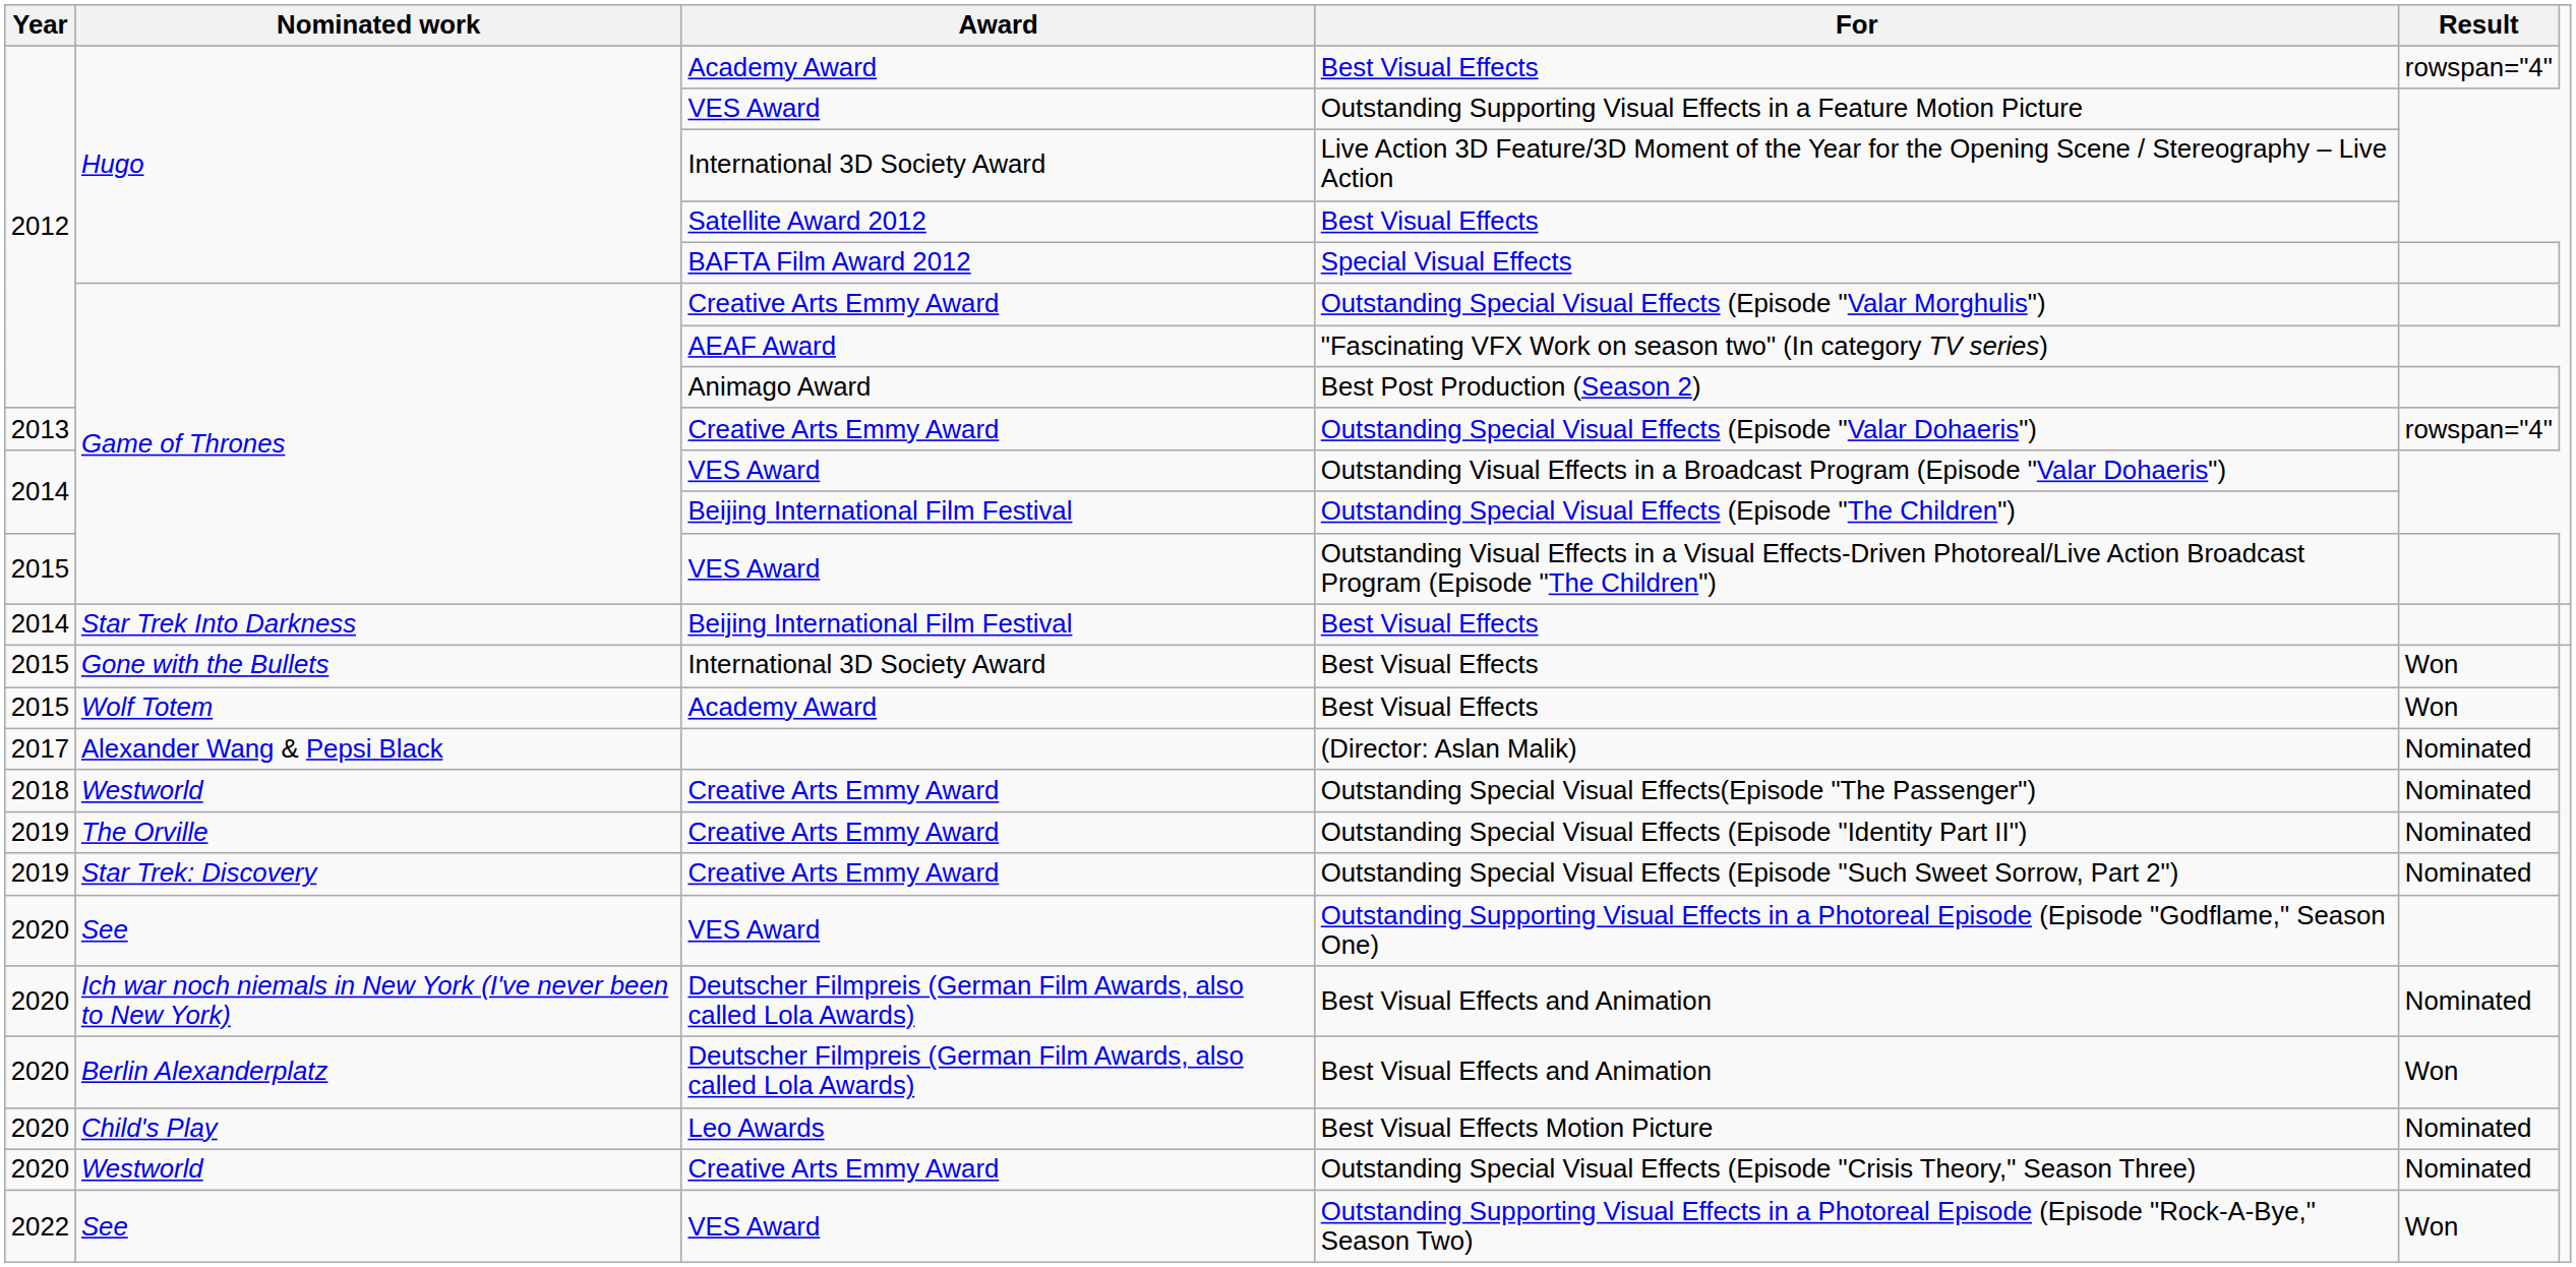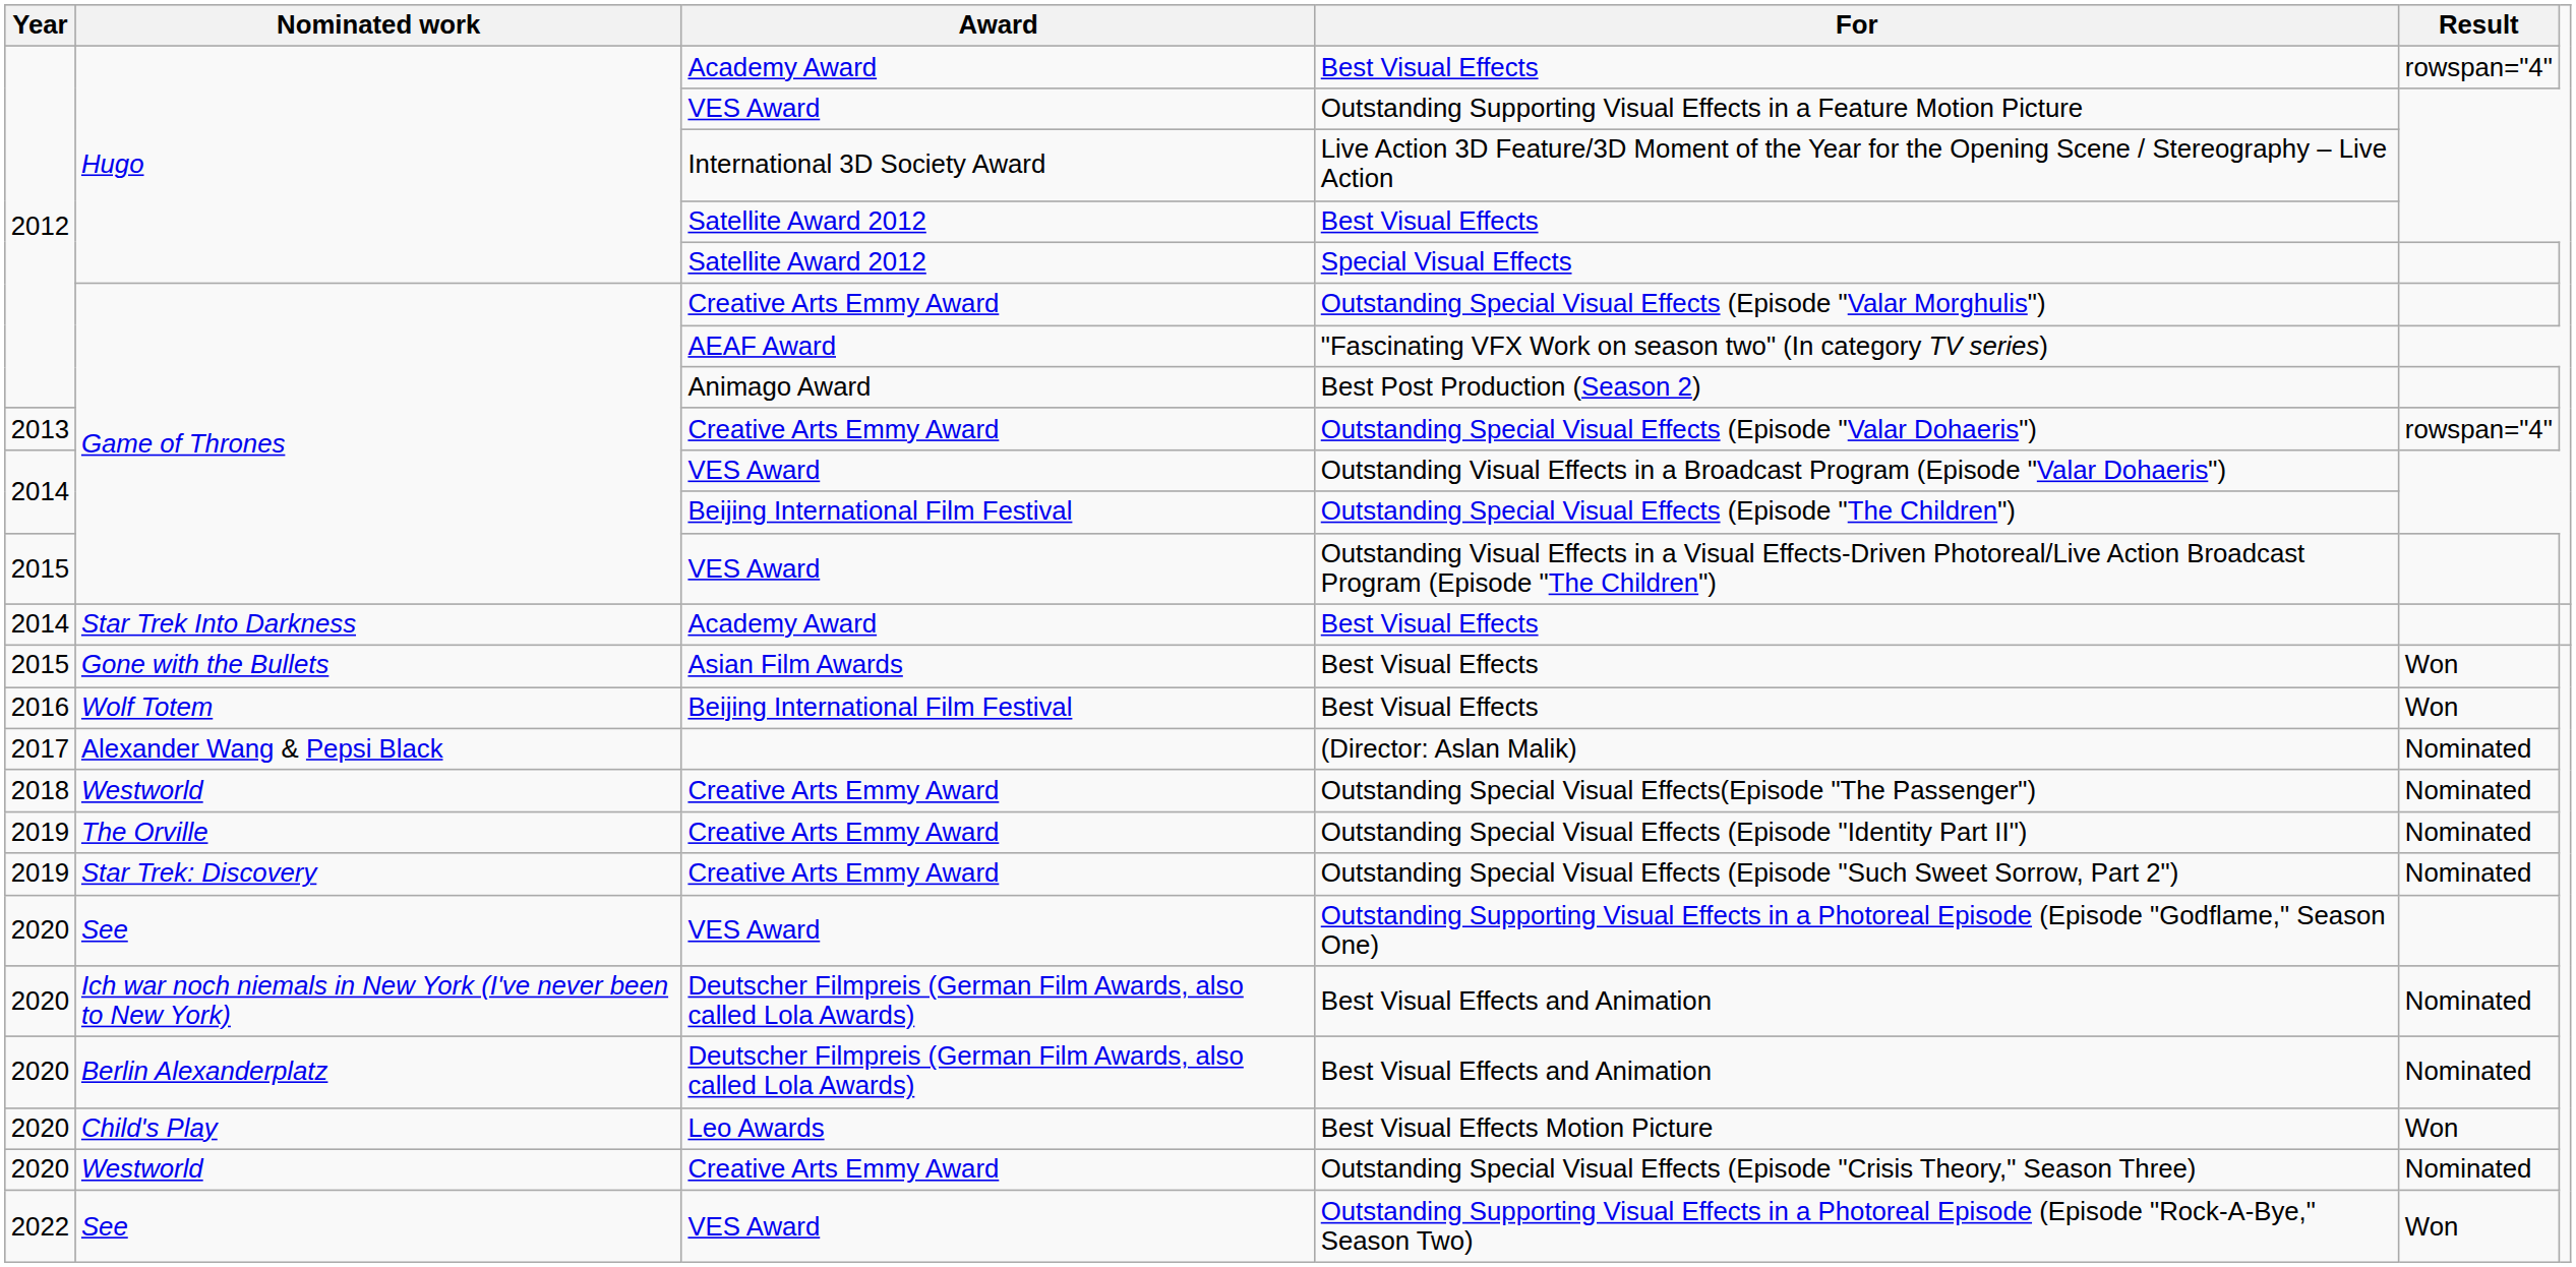 <table class="wikitable sortable">
 <tr>
 <th>Year</th>
 <th>Nominated work</th>
 <th>Award</th>
 <th>For</th>
 <th>Result</th>
 </tr>
 <tr>
 <td rowspan="8">2012</td>
 <td rowspan="5"><em><a href='#'>Hugo</a></em></td>
 <td><a href='#'>Academy Award</a></td>
 <td><a href='#'>Best Visual Effects</a></td>
 <td>rowspan="4" </td>
 </tr>
 <tr>
 <td><a href='#'>VES Award</a></td>
 <td>Outstanding Supporting Visual Effects in a Feature Motion Picture</td>
 </tr>
 <tr>
 <td>International 3D Society Award</td>
 <td>Live Action 3D Feature/3D Moment of the Year for the Opening Scene / Stereography – Live Action</td>
 </tr>
 <tr>
 <td><a href='#'>Satellite Award 2012</a></td>
 <td><a href='#'>Best Visual Effects</a></td>
 </tr>
 <tr>
-<td><a href='#'>BAFTA Film Award 2012</a></td>
+<td><a href='#'>Satellite Award 2012</a></td>
 <td><a href='#'>Special Visual Effects</a></td>
 <td></td>
 </tr>
 <tr>
 <td rowspan="7"><em><a href='#'>Game of Thrones</a></em></td>
 <td><a href='#'>Creative Arts Emmy Award</a></td>
 <td><a href='#'>Outstanding Special Visual Effects</a> (Episode "<a href='#'>Valar Morghulis</a>")</td>
 <td></td>
 </tr>
 <tr>
 <td><a href='#'>AEAF Award</a></td>
 <td>"Fascinating VFX Work on season two" (In category <em>TV series</em>)</td>
 </tr>
 <tr>
 <td>Animago Award</td>
 <td>Best Post Production (<a href='#'>Season 2</a>)</td>
 <td></td>
 </tr>
 <tr>
 <td>2013</td>
 <td><a href='#'>Creative Arts Emmy Award</a></td>
 <td><a href='#'>Outstanding Special Visual Effects</a> (Episode "<a href='#'>Valar Dohaeris</a>")</td>
 <td>rowspan="4" </td>
 </tr>
 <tr>
 <td rowspan="2">2014</td>
 <td><a href='#'>VES Award</a></td>
 <td>Outstanding Visual Effects in a Broadcast Program (Episode "<a href='#'>Valar Dohaeris</a>")</td>
 </tr>
 <tr>
 <td><a href='#'>Beijing International Film Festival</a></td>
 <td><a href='#'>Outstanding Special Visual Effects</a> (Episode "<a href='#'>The Children</a>")</td>
 </tr>
 <tr>
 <td>2015</td>
 <td><a href='#'>VES Award</a></td>
 <td>Outstanding Visual Effects in a Visual Effects-Driven Photoreal/Live Action Broadcast Program (Episode "<a href='#'>The Children</a>")</td>
 <td></td>
 </tr>
 <tr>
 <td>2014</td>
 <td><em><a href='#'>Star Trek Into Darkness</a></em></td>
-<td><a href='#'>Beijing International Film Festival</a></td>
+<td><a href='#'>Academy Award</a></td>
 <td><a href='#'>Best Visual Effects</a></td>
 <td></td>
 <td></td>
 </tr>
 <tr>
 <td>2015</td>
 <td><em><a href='#'>Gone with the Bullets</a></em></td>
-<td>International 3D Society Award</td>
+<td><a href='#'>Asian Film Awards</a></td>
 <td>Best Visual Effects</td>
 <td>Won</td>
 </tr>
 <tr>
-<td>2015</td>
+<td>2016</td>
 <td><em><a href='#'>Wolf Totem</a></em></td>
-<td><a href='#'>Academy Award</a></td>
+<td><a href='#'>Beijing International Film Festival</a></td>
 <td>Best Visual Effects</td>
 <td>Won</td>
 </tr>
 <tr>
 <td>2017</td>
 <td><a href='#'>Alexander Wang</a> & <a href='#'>Pepsi Black</a></td>
 <td></td>
 <td> (Director: Aslan Malik)</td>
 <td>Nominated</td>
 </tr>
 <tr>
 <td>2018</td>
 <td><em><a href='#'>Westworld</a></em></td>
 <td><a href='#'>Creative Arts Emmy Award</a></td>
 <td>Outstanding Special Visual Effects(Episode "The Passenger")</td>
 <td>Nominated</td>
 </tr>
 <tr>
 <td>2019</td>
 <td><em><a href='#'>The Orville</a></em></td>
 <td><a href='#'>Creative Arts Emmy Award</a></td>
 <td>Outstanding Special Visual Effects (Episode "Identity Part II")</td>
 <td>Nominated</td>
 </tr>
 <tr>
 <td>2019</td>
 <td><em><a href='#'>Star Trek: Discovery</a></em></td>
 <td><a href='#'>Creative Arts Emmy Award</a></td>
 <td>Outstanding Special Visual Effects (Episode "Such Sweet Sorrow, Part 2")</td>
 <td>Nominated</td>
 </tr>
 <tr>
 <td>2020</td>
 <td><em><a href='#'>See</a></em></td>
 <td><a href='#'>VES Award</a></td>
 <td><a href='#'>Outstanding Supporting Visual Effects in a Photoreal Episode</a> (Episode "Godflame," Season One)</td>
 <td></td>
 </tr>
 <tr>
 <td>2020</td>
 <td><em><a href='#'>Ich war noch niemals in New York (I've never been to New York)</a></em></td>
 <td><a href='#'>Deutscher Filmpreis (German Film Awards, also called Lola Awards)</a></td>
 <td>Best Visual Effects and Animation</td>
 <td>Nominated</td>
 </tr>
 <tr>
 <td>2020</td>
 <td><em><a href='#'>Berlin Alexanderplatz</a></em></td>
 <td><a href='#'>Deutscher Filmpreis (German Film Awards, also called Lola Awards)</a></td>
 <td>Best Visual Effects and Animation</td>
-<td>Won</td>
+<td>Nominated</td>
 </tr>
 <tr>
 <td>2020</td>
 <td><em><a href='#'>Child's Play</a></em></td>
 <td><a href='#'>Leo Awards</a></td>
 <td>Best Visual Effects Motion Picture</td>
-<td>Nominated</td>
+<td>Won</td>
 </tr>
 <tr>
 <td>2020</td>
 <td><em><a href='#'>Westworld</a></em></td>
 <td><a href='#'>Creative Arts Emmy Award</a></td>
 <td>Outstanding Special Visual Effects (Episode "Crisis Theory," Season Three)</td>
 <td>Nominated</td>
 </tr>
 <tr>
 <td>2022</td>
 <td><em><a href='#'>See</a></em></td>
 <td><a href='#'>VES Award</a></td>
 <td><a href='#'>Outstanding Supporting Visual Effects in a Photoreal Episode</a> (Episode "Rock-A-Bye," Season Two)</td>
 <td>Won</td>
 </tr>
 </table>
